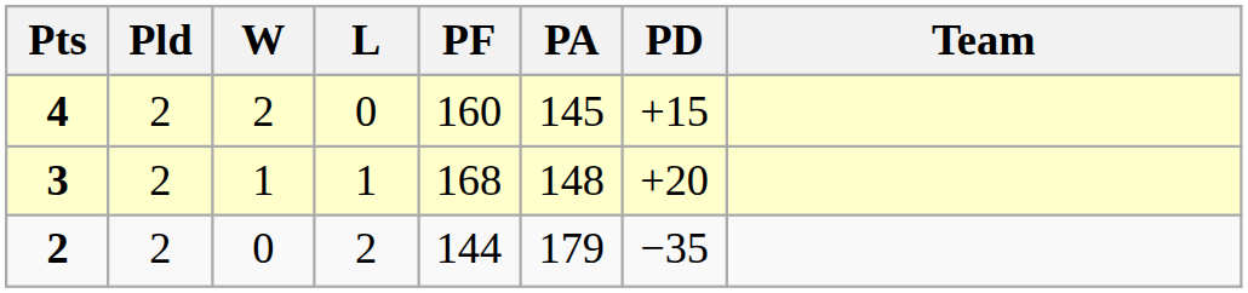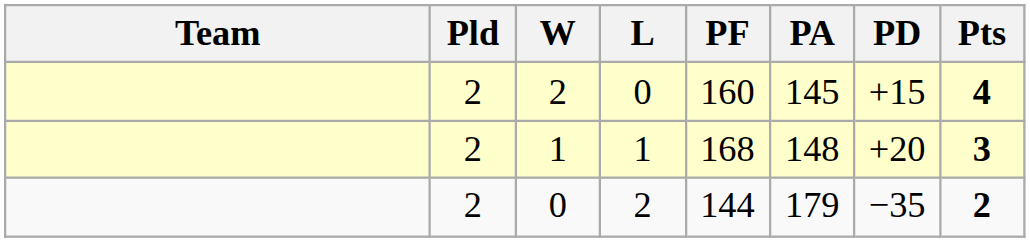 <table class=wikitable style="text-align:center">
 <tr>
-<th width=30>Pts</th>
+<th width=180>Team</th>
 <th width=30>Pld</th>
 <th width=30>W</th>
 <th width=30>L</th>
 <th width=30>PF</th>
 <th width=30>PA</th>
 <th width=30>PD</th>
-<th width=180>Team</th>
+<th width=30>Pts</th>
 </tr>
 <tr align=center bgcolor="#ffffcc">
-<td><strong>4</strong></td>
+<td align="left"></td>
 <td>2</td>
 <td>2</td>
 <td>0</td>
 <td>160</td>
 <td>145</td>
 <td>+15</td>
-<td align="left"></td>
+<td><strong>4</strong></td>
 </tr>
 <tr align=center bgcolor="#ffffcc">
-<td><strong>3</strong></td>
+<td align="left"></td>
 <td>2</td>
 <td>1</td>
 <td>1</td>
 <td>168</td>
 <td>148</td>
 <td>+20</td>
-<td align="left"></td>
+<td><strong>3</strong></td>
 </tr>
 <tr>
-<td><strong>2</strong></td>
+<td align="left"></td>
 <td>2</td>
 <td>0</td>
 <td>2</td>
 <td>144</td>
 <td>179</td>
 <td>−35</td>
-<td align="left"></td>
+<td><strong>2</strong></td>
 </tr>
 </table>
